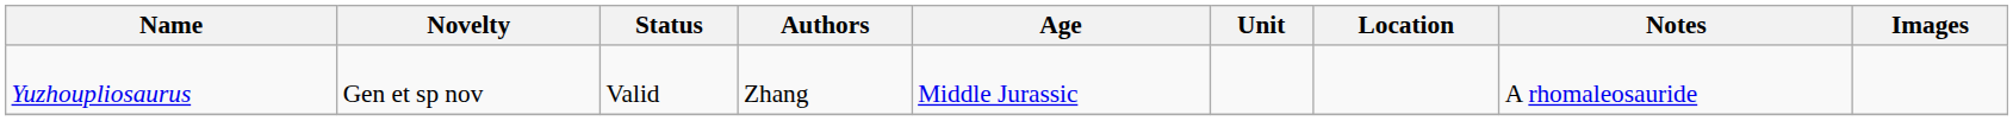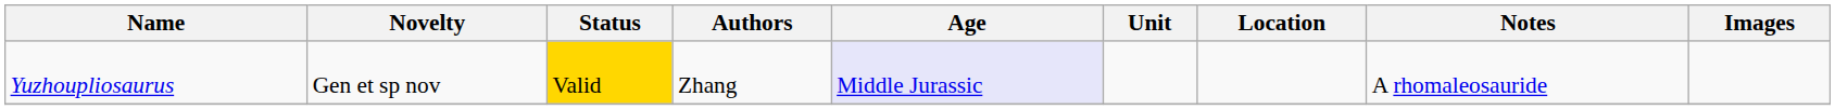 <table class="wikitable sortable" align="center" width="100%">
 <tr>
 <th>Name</th>
 <th>Novelty</th>
 <th>Status</th>
 <th>Authors</th>
 <th>Age</th>
 <th>Unit</th>
 <th>Location</th>
 <th>Notes</th>
 <th>Images</th>
 </tr>
 <tr>
 <td><br><em><a href='#'>Yuzhoupliosaurus</a></em></td>
 <td><br>Gen et sp nov</td>
-<td><br>Valid</td>
+<td style="background: gold;"><br>Valid</td>
 <td><br>Zhang</td>
-<td><br><a href='#'>Middle Jurassic</a></td>
+<td style="background: lavender;"><br><a href='#'>Middle Jurassic</a></td>
 <td></td>
 <td><br></td>
 <td><br>A <a href='#'>rhomaleosauride</a></td>
 <td></td>
 </tr>
 <tr>
 </tr>
 </table>
